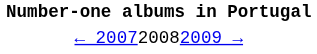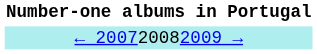 <table class="toc" id="toc" summary="Contents">
 <tr>
 <th>Number-one albums in Portugal</th>
 </tr>
 <tr>
-<td align="center"><a href='#'>← 2007</a>2008<a href='#'>2009 →</a></td>
+<td align="center" style="background: paleturquoise;"><a href='#'>← 2007</a>2008<a href='#'>2009 →</a></td>
 </tr>
 </table>
